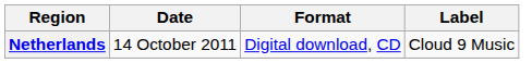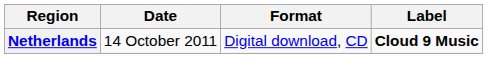 <table class="wikitable sortable plainrowheaders">
 <tr>
 <th>Region</th>
 <th>Date</th>
 <th>Format</th>
 <th>Label</th>
 </tr>
 <tr>
 <th scope="row"><a href='#'>Netherlands</a></th>
 <td>14 October 2011</td>
 <td><a href='#'>Digital download</a>, <a href='#'>CD</a></td>
-<td>Cloud 9 Music</td>
+<td><strong>Cloud 9 Music</strong></td>
 </tr>
 <tr>
 </tr>
 </table>
